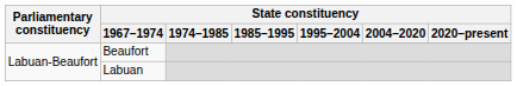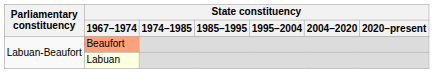 <table class=wikitable>
 <tr>
 <th rowspan=2>Parliamentary<br>constituency</th>
 <th colspan=6>State constituency</th>
 </tr>
 <tr>
 <th>1967–1974</th>
 <th>1974–1985</th>
 <th>1985–1995</th>
 <th>1995–2004</th>
 <th>2004–2020</th>
 <th>2020–present</th>
 </tr>
 <tr>
 <td rowspan=2>Labuan-Beaufort</td>
-<td>Beaufort</td>
+<td style="background: lightsalmon;">Beaufort</td>
 <td colspan=5 bgcolor=dcdcdc></td>
 </tr>
 <tr>
-<td>Labuan</td>
+<td style="background: lightyellow;">Labuan</td>
 <td colspan=5 bgcolor=dcdcdc></td>
 </tr>
 </table>
